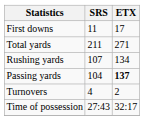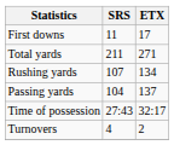 <table class="wikitable" style="float: left;">
 <tr>
 <th>Statistics</th>
 <th>SRS</th>
 <th>ETX</th>
 </tr>
 <tr>
 <td>First downs</td>
 <td>11</td>
 <td>17</td>
 </tr>
 <tr>
 <td>Total yards</td>
 <td>211</td>
 <td>271</td>
 </tr>
 <tr>
 <td>Rushing yards</td>
 <td>107</td>
 <td>134</td>
 </tr>
 <tr>
 <td>Passing yards</td>
 <td>104</td>
-<td><strong>137</strong></td>
+<td>137</td>
+</tr>
+<tr>
+<td>Time of possession</td>
+<td>27:43</td>
+<td>32:17</td>
 </tr>
 <tr>
 <td>Turnovers</td>
 <td>4</td>
 <td>2</td>
 </tr>
 <tr>
-<td>Time of possession</td>
-<td>27:43</td>
-<td>32:17</td>
-</tr>
-<tr>
 </tr>
 </table>
